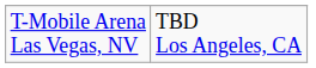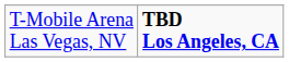 <table class="wikitable">
 <tr>
 </tr>
 <tr>
 <td><a href='#'>T-Mobile Arena</a> <br> <a href='#'>Las Vegas, NV</a></td>
-<td>TBD <br><a href='#'>Los Angeles, CA</a></td>
+<td><strong>TBD <br><a href='#'>Los Angeles, CA</a></strong></td>
 </tr>
 </table>
